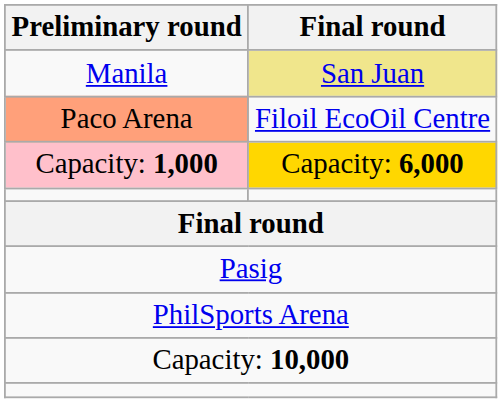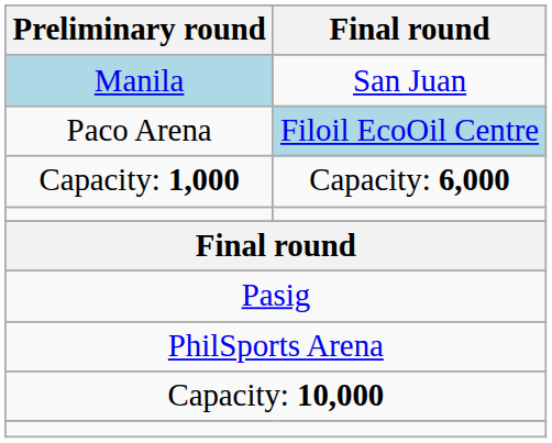 <table class="wikitable" style="text-align:center">
 <tr>
 <th>Preliminary round</th>
 <th>Final round</th>
 </tr>
 <tr>
-<td><a href='#'>Manila</a></td>
-<td style="background: khaki;"><a href='#'>San Juan</a></td>
+<td style="background: lightblue;"><a href='#'>Manila</a></td>
+<td><a href='#'>San Juan</a></td>
 </tr>
 <tr>
-<td style="background: lightsalmon;">Paco Arena</td>
-<td><a href='#'>Filoil EcoOil Centre</a></td>
+<td>Paco Arena</td>
+<td style="background: lightblue;"><a href='#'>Filoil EcoOil Centre</a></td>
 </tr>
 <tr>
-<td style="background: pink;">Capacity: <strong>1,000</strong></td>
-<td style="background: gold;">Capacity: <strong>6,000</strong></td>
+<td>Capacity: <strong>1,000</strong></td>
+<td>Capacity: <strong>6,000</strong></td>
 </tr>
 <tr>
 <td></td>
 <td></td>
 </tr>
 <tr>
 <th colspan="5">Final round</th>
 </tr>
 <tr>
 <td colspan="5"><a href='#'>Pasig</a></td>
 </tr>
 <tr>
 <td colspan="5"><a href='#'>PhilSports Arena</a></td>
 </tr>
 <tr>
 <td colspan="5">Capacity: <strong>10,000</strong></td>
 </tr>
 <tr>
 <td colspan="5"></td>
 </tr>
 </table>
